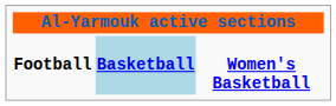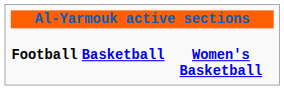 <table class="infobox" style="width: 20em; font-size: 95%em;">
 <tr style="color:#0060BF; background:#FF5F00; text-align:center;">
 <th colspan="3">Al-Yarmouk active sections</th>
 </tr>
 <tr style="text-align: center">
 <td><br><strong>Football</strong></td>
-<td style="background: lightblue;"><br><strong><a href='#'>Basketball</a></strong></td>
+<td><br><strong><a href='#'>Basketball</a></strong></td>
 <td><br><strong><a href='#'>Women's Basketball</a></strong></td>
 </tr>
 </table>
